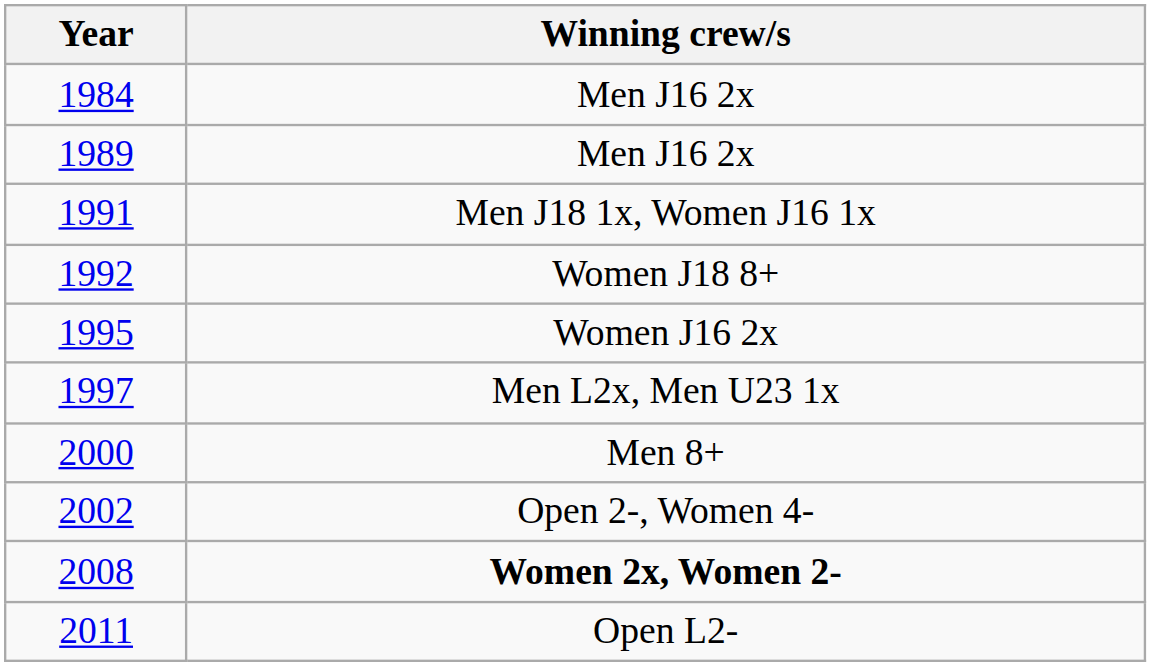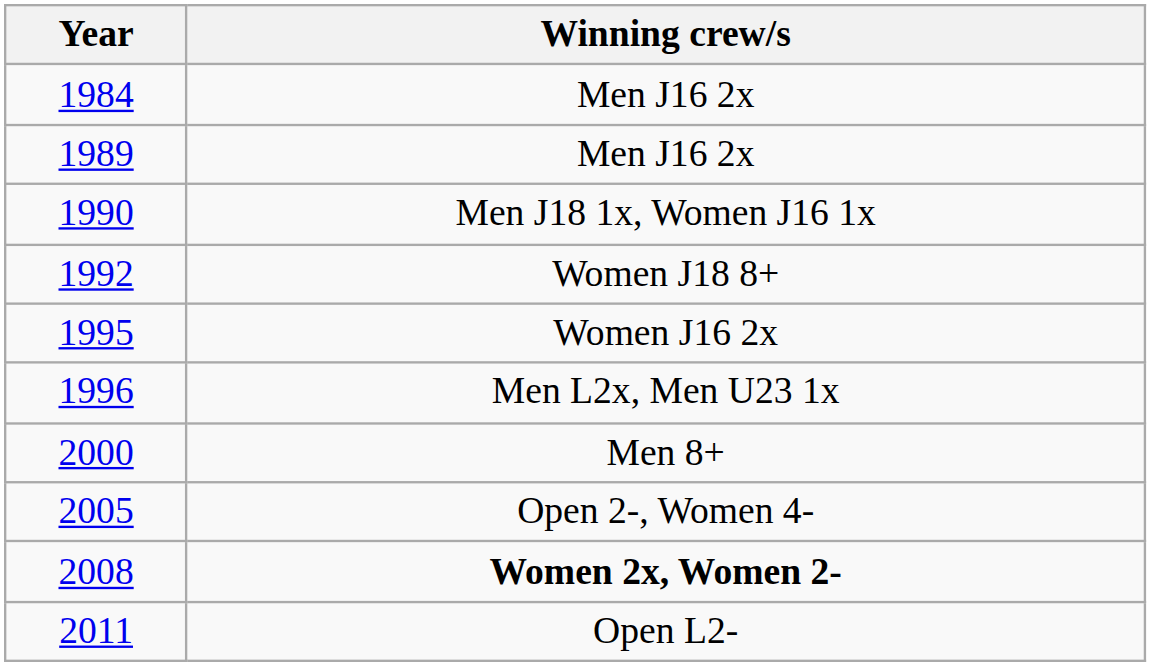 <table class="wikitable" style="text-align:center">
 <tr>
 <th width=70>Year</th>
 <th width=400>Winning crew/s</th>
 </tr>
 <tr>
 <td><a href='#'>1984</a></td>
 <td>Men J16 2x</td>
 </tr>
 <tr>
 <td><a href='#'>1989</a></td>
 <td>Men J16 2x</td>
 </tr>
 <tr>
-<td><a href='#'>1991</a></td>
+<td><a href='#'>1990</a></td>
 <td>Men J18 1x, Women J16 1x</td>
 </tr>
 <tr>
 <td><a href='#'>1992</a></td>
 <td>Women J18 8+</td>
 </tr>
 <tr>
 <td><a href='#'>1995</a></td>
 <td>Women J16 2x</td>
 </tr>
 <tr>
-<td><a href='#'>1997</a></td>
+<td><a href='#'>1996</a></td>
 <td>Men L2x, Men U23 1x</td>
 </tr>
 <tr>
 <td><a href='#'>2000</a></td>
 <td>Men 8+</td>
 </tr>
 <tr>
-<td><a href='#'>2002</a></td>
+<td><a href='#'>2005</a></td>
 <td>Open 2-, Women 4-</td>
 </tr>
 <tr>
 <td><a href='#'>2008</a></td>
 <td><strong>Women 2x, Women 2-</strong></td>
 </tr>
 <tr>
 <td><a href='#'>2011</a></td>
 <td>Open L2- </td>
 </tr>
 </table>
